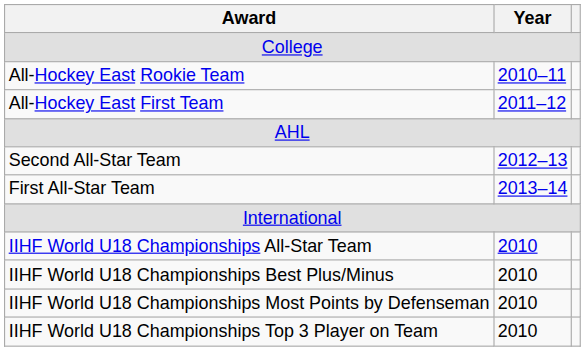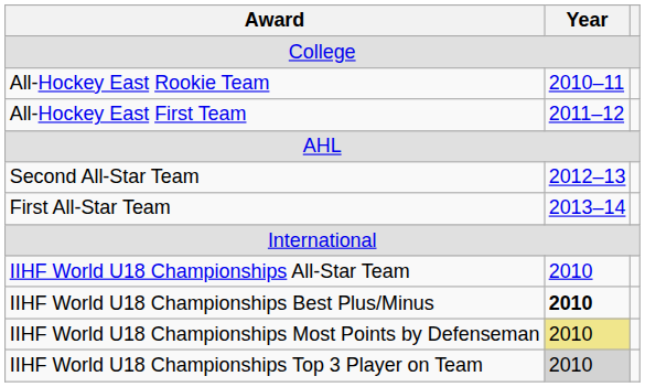 <table class="wikitable">
 <tr>
 <th>Award</th>
 <th>Year</th>
 <th></th>
 </tr>
 <tr ALIGN="center" bgcolor="#e0e0e0">
 <td colspan="3"><a href='#'>College</a></td>
 </tr>
 <tr>
 <td>All-<a href='#'>Hockey East</a> <a href='#'>Rookie Team</a></td>
 <td><a href='#'>2010–11</a></td>
 <td></td>
 </tr>
 <tr>
 <td>All-<a href='#'>Hockey East</a> <a href='#'>First Team</a></td>
 <td><a href='#'>2011–12</a></td>
 <td></td>
 </tr>
 <tr ALIGN="center" bgcolor="#e0e0e0">
 <td colspan="3"><a href='#'>AHL</a></td>
 </tr>
 <tr>
 <td>Second All-Star Team</td>
 <td><a href='#'>2012–13</a></td>
 <td></td>
 </tr>
 <tr>
 <td>First All-Star Team</td>
 <td><a href='#'>2013–14</a></td>
 <td></td>
 </tr>
 <tr ALIGN="center" bgcolor="#e0e0e0">
 <td colspan="3"><a href='#'>International</a></td>
 </tr>
 <tr>
 <td><a href='#'>IIHF World U18 Championships</a> All-Star Team</td>
 <td><a href='#'>2010</a></td>
 <td></td>
 </tr>
 <tr>
 <td>IIHF World U18 Championships Best Plus/Minus</td>
-<td>2010</td>
+<td><strong>2010</strong></td>
 <td></td>
 </tr>
 <tr>
 <td>IIHF World U18 Championships Most Points by Defenseman</td>
-<td>2010</td>
+<td style="background: khaki;">2010</td>
 <td></td>
 </tr>
 <tr>
 <td>IIHF World U18 Championships Top 3 Player on Team</td>
-<td>2010</td>
+<td style="background: lightgrey;">2010</td>
 <td></td>
 </tr>
 </table>
